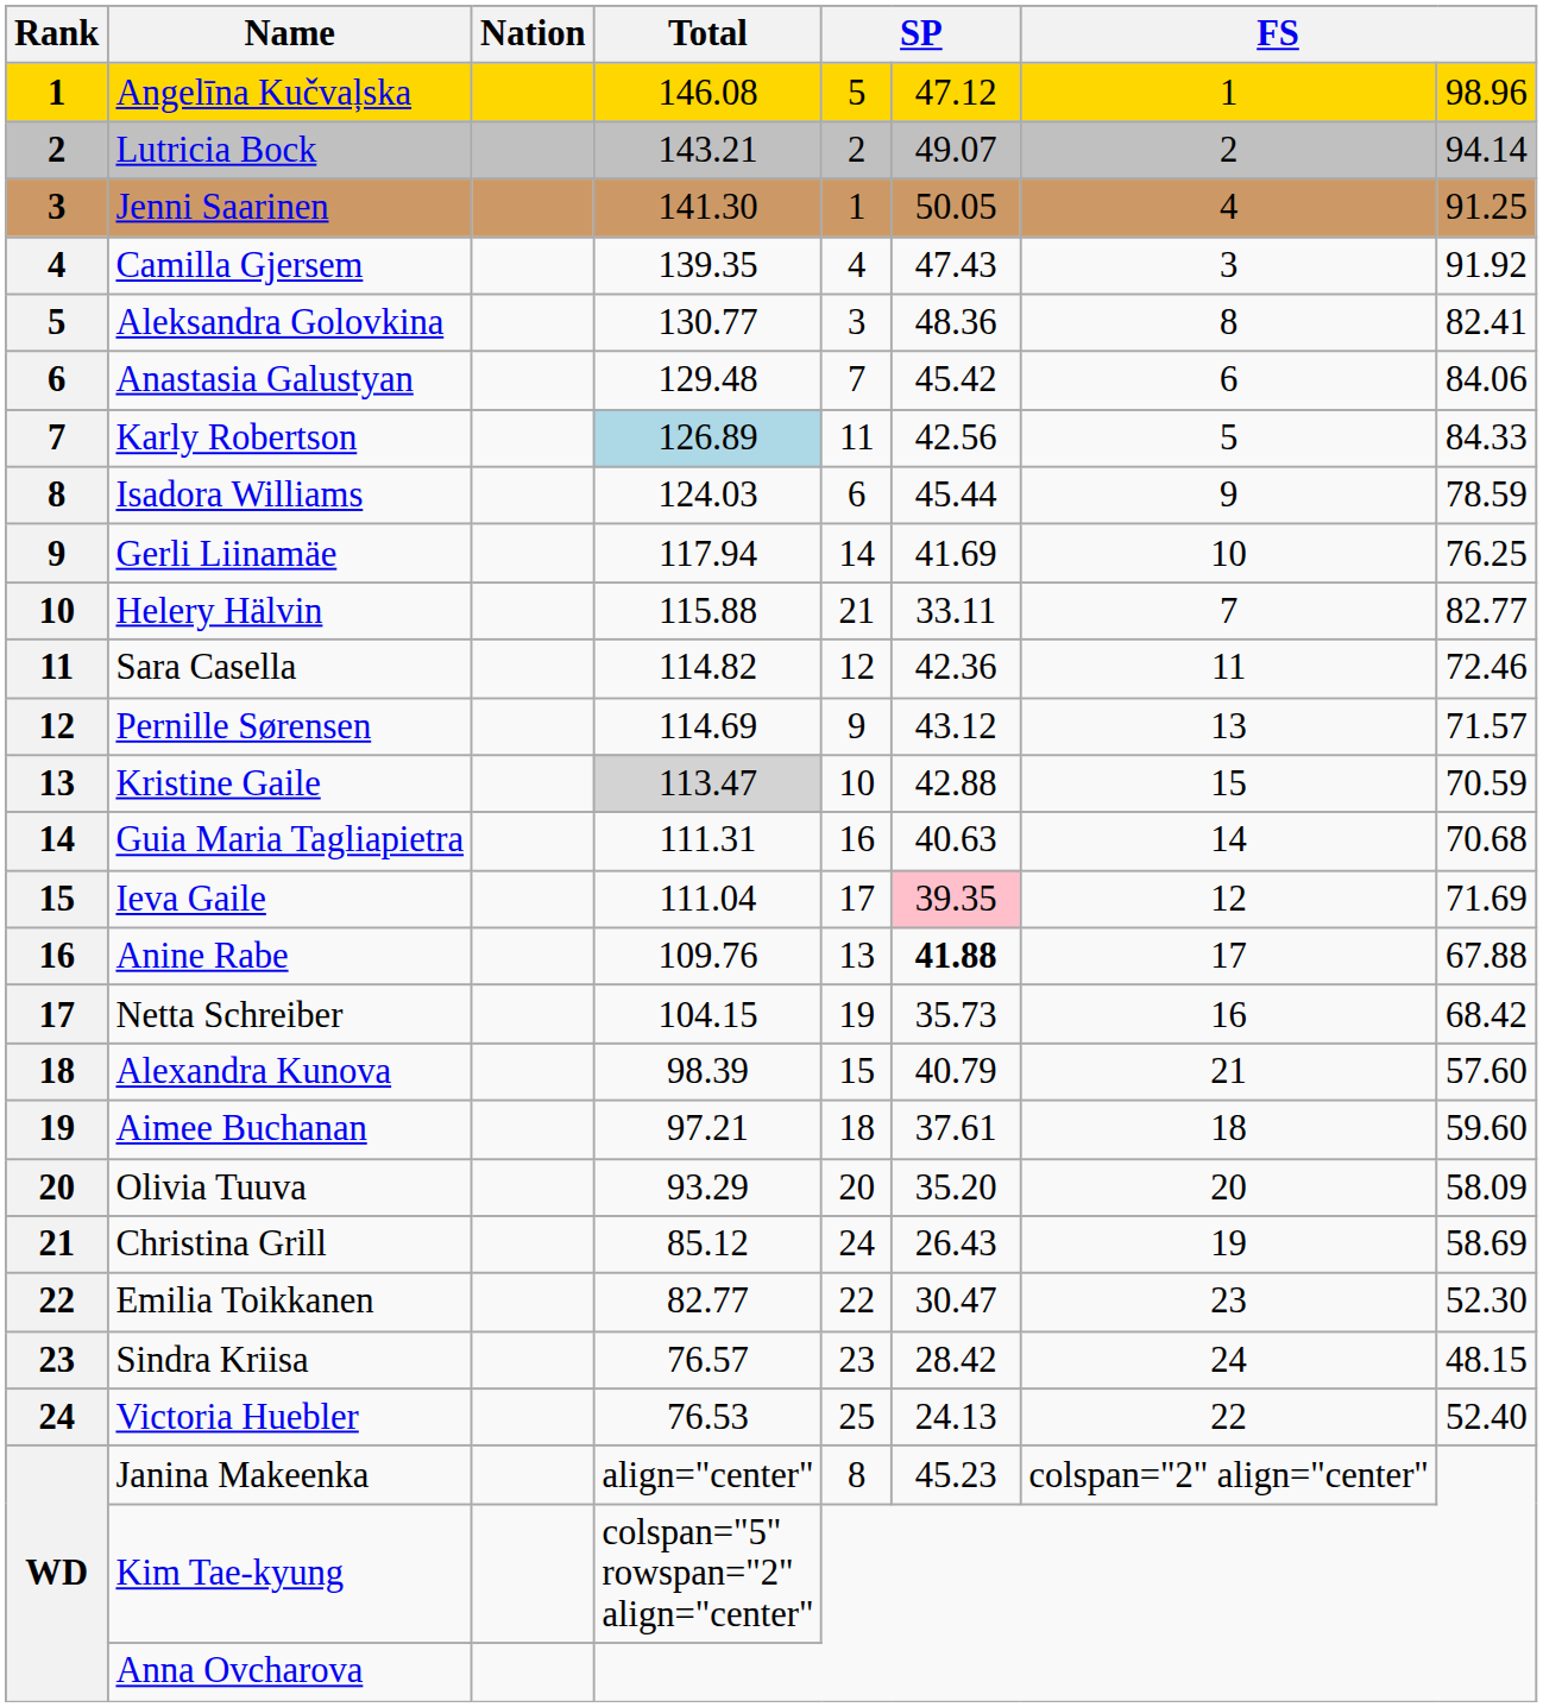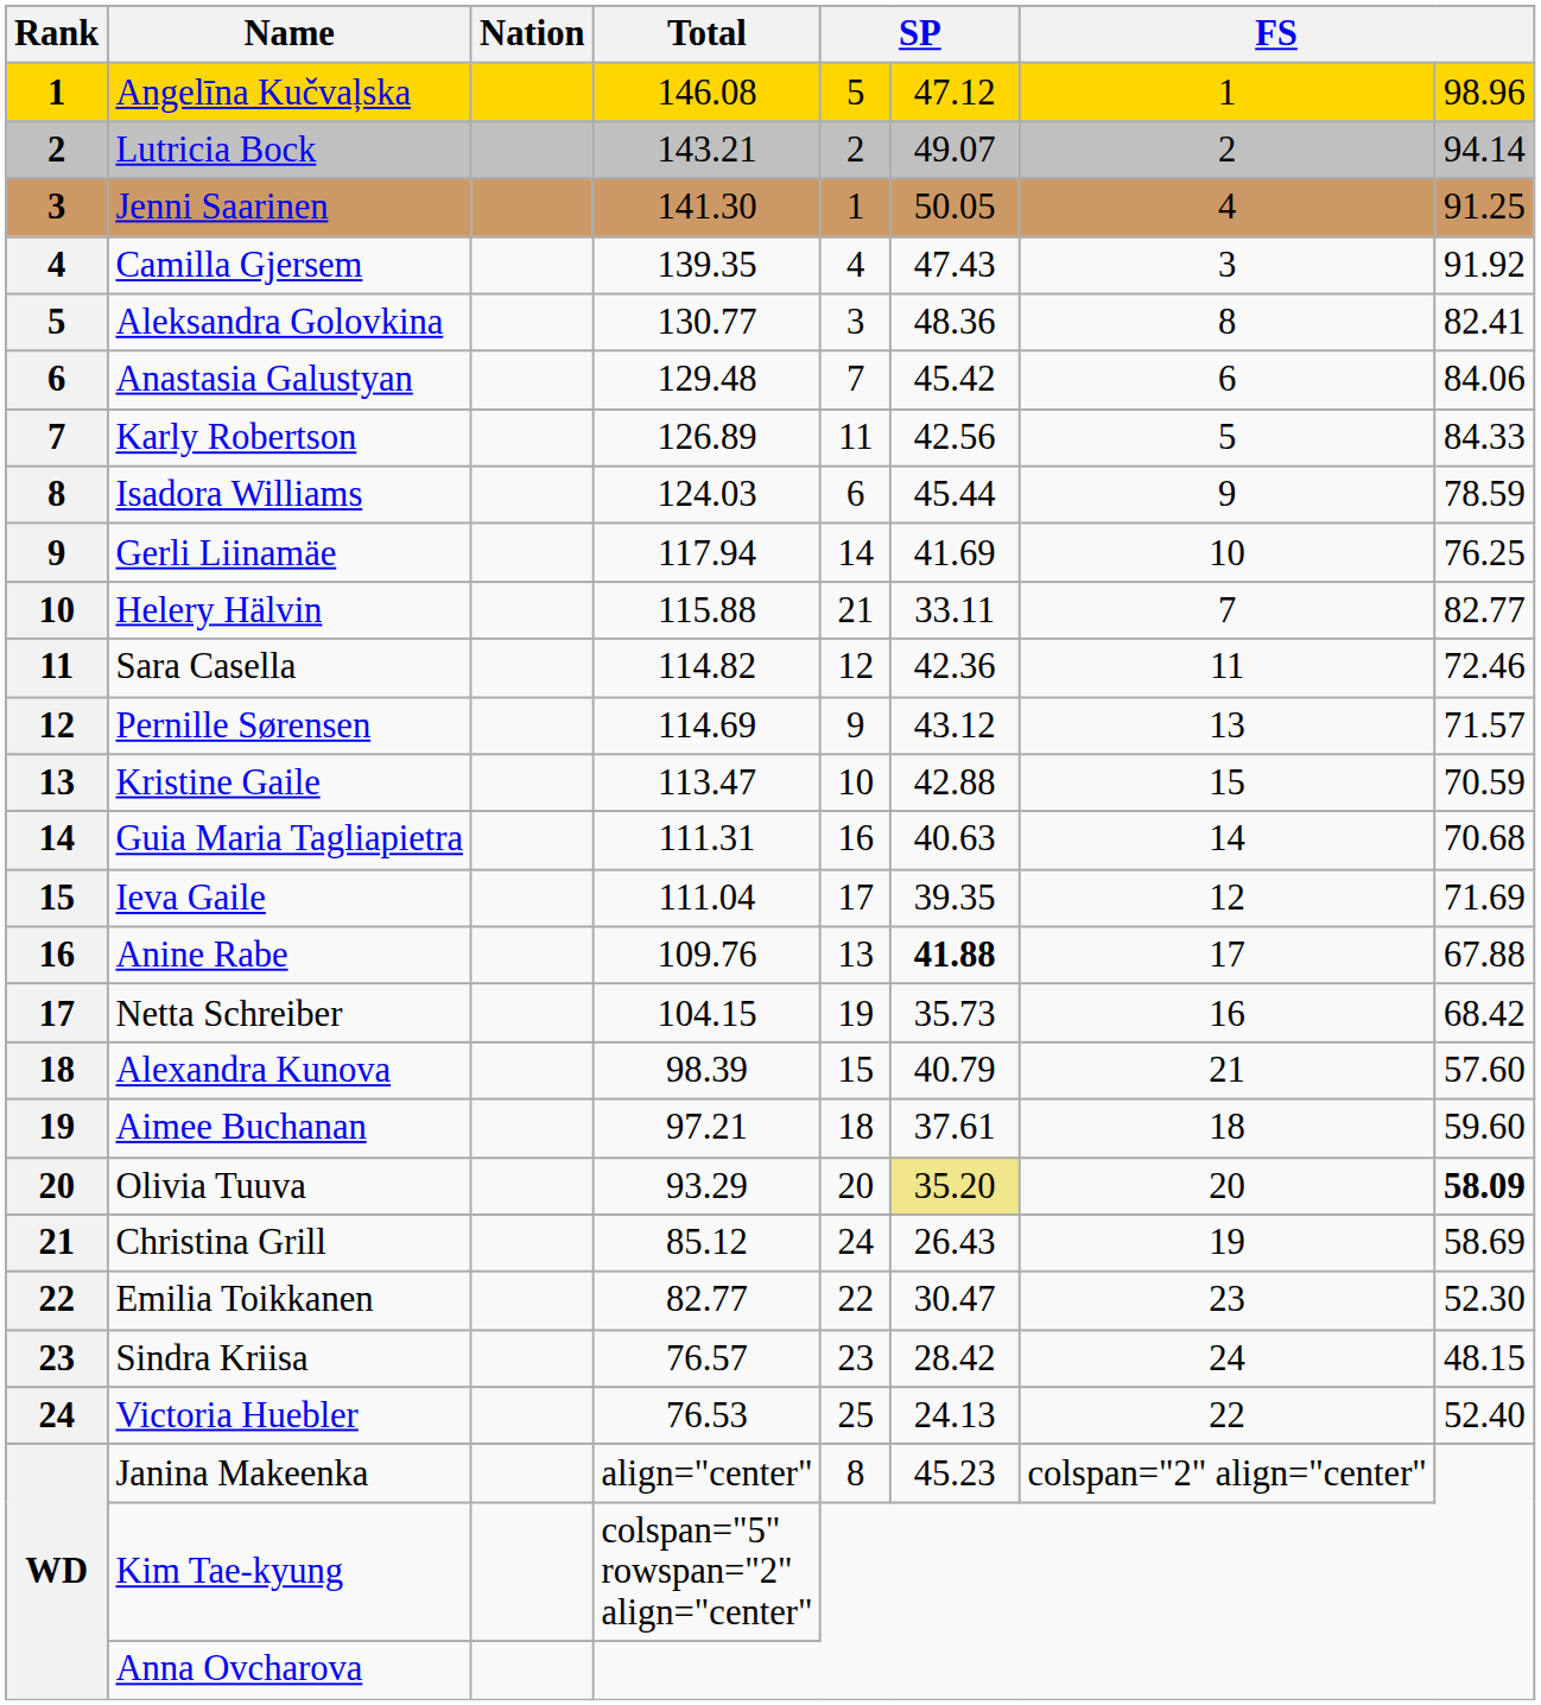 <table class="wikitable sortable">
 <tr>
 <th>Rank</th>
 <th>Name</th>
 <th>Nation</th>
 <th width="80px">Total</th>
 <th colspan="2" width="80px"><a href='#'>SP</a></th>
 <th colspan="2" width="80px"><a href='#'>FS</a></th>
 </tr>
 <tr bgcolor="gold">
 <td align="center"><strong>1</strong></td>
 <td><a href='#'>Angelīna Kučvaļska</a></td>
 <td></td>
 <td align="center">146.08</td>
 <td align="center">5</td>
 <td align="center">47.12</td>
 <td align="center">1</td>
 <td align="center">98.96</td>
 </tr>
 <tr bgcolor="silver">
 <td align="center"><strong>2</strong></td>
 <td><a href='#'>Lutricia Bock</a></td>
 <td></td>
 <td align="center">143.21</td>
 <td align="center">2</td>
 <td align="center">49.07</td>
 <td align="center">2</td>
 <td align="center">94.14</td>
 </tr>
 <tr bgcolor="cc9966">
 <td align="center"><strong>3</strong></td>
 <td><a href='#'>Jenni Saarinen</a></td>
 <td></td>
 <td align="center">141.30</td>
 <td align="center">1</td>
 <td align="center">50.05</td>
 <td align="center">4</td>
 <td align="center">91.25</td>
 </tr>
 <tr>
 <th>4</th>
 <td><a href='#'>Camilla Gjersem</a></td>
 <td></td>
 <td align="center">139.35</td>
 <td align="center">4</td>
 <td align="center">47.43</td>
 <td align="center">3</td>
 <td align="center">91.92</td>
 </tr>
 <tr>
 <th>5</th>
 <td><a href='#'>Aleksandra Golovkina</a></td>
 <td></td>
 <td align="center">130.77</td>
 <td align="center">3</td>
 <td align="center">48.36</td>
 <td align="center">8</td>
 <td align="center">82.41</td>
 </tr>
 <tr>
 <th>6</th>
 <td><a href='#'>Anastasia Galustyan</a></td>
 <td></td>
 <td align="center">129.48</td>
 <td align="center">7</td>
 <td align="center">45.42</td>
 <td align="center">6</td>
 <td align="center">84.06</td>
 </tr>
 <tr>
 <th>7</th>
 <td><a href='#'>Karly Robertson</a></td>
 <td></td>
-<td align="center" style="background: lightblue;">126.89</td>
+<td align="center">126.89</td>
 <td align="center">11</td>
 <td align="center">42.56</td>
 <td align="center">5</td>
 <td align="center">84.33</td>
 </tr>
 <tr>
 <th>8</th>
 <td><a href='#'>Isadora Williams</a></td>
 <td></td>
 <td align="center">124.03</td>
 <td align="center">6</td>
 <td align="center">45.44</td>
 <td align="center">9</td>
 <td align="center">78.59</td>
 </tr>
 <tr>
 <th>9</th>
 <td><a href='#'>Gerli Liinamäe</a></td>
 <td></td>
 <td align="center">117.94</td>
 <td align="center">14</td>
 <td align="center">41.69</td>
 <td align="center">10</td>
 <td align="center">76.25</td>
 </tr>
 <tr>
 <th>10</th>
 <td><a href='#'>Helery Hälvin</a></td>
 <td></td>
 <td align="center">115.88</td>
 <td align="center">21</td>
 <td align="center">33.11</td>
 <td align="center">7</td>
 <td align="center">82.77</td>
 </tr>
 <tr>
 <th>11</th>
 <td>Sara Casella</td>
 <td></td>
 <td align="center">114.82</td>
 <td align="center">12</td>
 <td align="center">42.36</td>
 <td align="center">11</td>
 <td align="center">72.46</td>
 </tr>
 <tr>
 <th>12</th>
 <td><a href='#'>Pernille Sørensen</a></td>
 <td></td>
 <td align="center">114.69</td>
 <td align="center">9</td>
 <td align="center">43.12</td>
 <td align="center">13</td>
 <td align="center">71.57</td>
 </tr>
 <tr>
 <th>13</th>
 <td><a href='#'>Kristine Gaile</a></td>
 <td></td>
-<td align="center" style="background: lightgrey;">113.47</td>
+<td align="center">113.47</td>
 <td align="center">10</td>
 <td align="center">42.88</td>
 <td align="center">15</td>
 <td align="center">70.59</td>
 </tr>
 <tr>
 <th>14</th>
 <td><a href='#'>Guia Maria Tagliapietra</a></td>
 <td></td>
 <td align="center">111.31</td>
 <td align="center">16</td>
 <td align="center">40.63</td>
 <td align="center">14</td>
 <td align="center">70.68</td>
 </tr>
 <tr>
 <th>15</th>
 <td><a href='#'>Ieva Gaile</a></td>
 <td></td>
 <td align="center">111.04</td>
 <td align="center">17</td>
-<td align="center" style="background: pink;">39.35</td>
+<td align="center">39.35</td>
 <td align="center">12</td>
 <td align="center">71.69</td>
 </tr>
 <tr>
 <th>16</th>
 <td><a href='#'>Anine Rabe</a></td>
 <td></td>
 <td align="center">109.76</td>
 <td align="center">13</td>
 <td align="center"><strong>41.88</strong></td>
 <td align="center">17</td>
 <td align="center">67.88</td>
 </tr>
 <tr>
 <th>17</th>
 <td>Netta Schreiber</td>
 <td></td>
 <td align="center">104.15</td>
 <td align="center">19</td>
 <td align="center">35.73</td>
 <td align="center">16</td>
 <td align="center">68.42</td>
 </tr>
 <tr>
 <th>18</th>
 <td><a href='#'>Alexandra Kunova</a></td>
 <td></td>
 <td align="center">98.39</td>
 <td align="center">15</td>
 <td align="center">40.79</td>
 <td align="center">21</td>
 <td align="center">57.60</td>
 </tr>
 <tr>
 <th>19</th>
 <td><a href='#'>Aimee Buchanan</a></td>
 <td></td>
 <td align="center">97.21</td>
 <td align="center">18</td>
 <td align="center">37.61</td>
 <td align="center">18</td>
 <td align="center">59.60</td>
 </tr>
 <tr>
 <th>20</th>
 <td>Olivia Tuuva</td>
 <td></td>
 <td align="center">93.29</td>
 <td align="center">20</td>
-<td align="center">35.20</td>
+<td align="center" style="background: khaki;">35.20</td>
 <td align="center">20</td>
-<td align="center">58.09</td>
+<td align="center"><strong>58.09</strong></td>
 </tr>
 <tr>
 <th>21</th>
 <td>Christina Grill</td>
 <td></td>
 <td align="center">85.12</td>
 <td align="center">24</td>
 <td align="center">26.43</td>
 <td align="center">19</td>
 <td align="center">58.69</td>
 </tr>
 <tr>
 <th>22</th>
 <td>Emilia Toikkanen</td>
 <td></td>
 <td align="center">82.77</td>
 <td align="center">22</td>
 <td align="center">30.47</td>
 <td align="center">23</td>
 <td align="center">52.30</td>
 </tr>
 <tr>
 <th>23</th>
 <td>Sindra Kriisa</td>
 <td></td>
 <td align="center">76.57</td>
 <td align="center">23</td>
 <td align="center">28.42</td>
 <td align="center">24</td>
 <td align="center">48.15</td>
 </tr>
 <tr>
 <th>24</th>
 <td><a href='#'>Victoria Huebler</a></td>
 <td></td>
 <td align="center">76.53</td>
 <td align="center">25</td>
 <td align="center">24.13</td>
 <td align="center">22</td>
 <td align="center">52.40</td>
 </tr>
 <tr>
 <th rowspan="3">WD</th>
 <td>Janina Makeenka</td>
 <td></td>
 <td>align="center" </td>
 <td align="center">8</td>
 <td align="center">45.23</td>
 <td>colspan="2" align="center" </td>
 </tr>
 <tr>
 <td><a href='#'>Kim Tae-kyung</a></td>
 <td></td>
 <td>colspan="5" rowspan="2" align="center" </td>
 </tr>
 <tr>
 <td><a href='#'>Anna Ovcharova</a></td>
 <td></td>
 </tr>
 </table>
